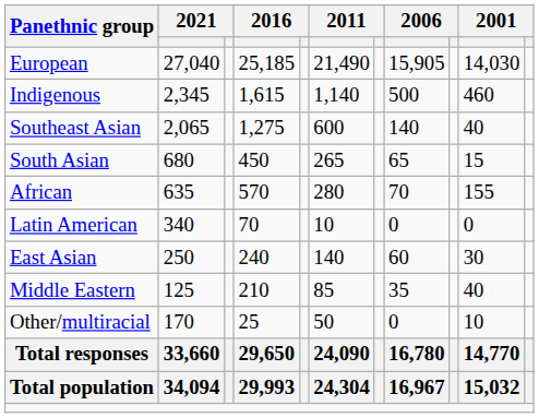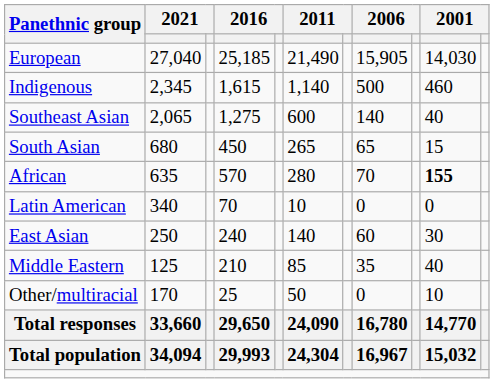 <table class="wikitable collapsible sortable">
 <tr>
 <th rowspan="2"><a href='#'>Panethnic</a> group</th>
 <th colspan="2">2021</th>
 <th colspan="2">2016</th>
 <th colspan="2">2011</th>
 <th colspan="2">2006</th>
 <th colspan="2">2001</th>
 </tr>
 <tr>
 <th><a href='#'></a></th>
 <th></th>
 <th></th>
 <th></th>
 <th></th>
 <th></th>
 <th></th>
 <th></th>
 <th></th>
 <th></th>
 </tr>
 <tr>
 <td><a href='#'>European</a></td>
 <td>27,040</td>
 <td></td>
 <td>25,185</td>
 <td></td>
 <td>21,490</td>
 <td></td>
 <td>15,905</td>
 <td></td>
 <td>14,030</td>
 <td></td>
 </tr>
 <tr>
 <td><a href='#'>Indigenous</a></td>
 <td>2,345</td>
 <td></td>
 <td>1,615</td>
 <td></td>
 <td>1,140</td>
 <td></td>
 <td>500</td>
 <td></td>
 <td>460</td>
 <td></td>
 </tr>
 <tr>
 <td><a href='#'>Southeast Asian</a></td>
 <td>2,065</td>
 <td></td>
 <td>1,275</td>
 <td></td>
 <td>600</td>
 <td></td>
 <td>140</td>
 <td></td>
 <td>40</td>
 <td></td>
 </tr>
 <tr>
 <td><a href='#'>South Asian</a></td>
 <td>680</td>
 <td></td>
 <td>450</td>
 <td></td>
 <td>265</td>
 <td></td>
 <td>65</td>
 <td></td>
 <td>15</td>
 <td></td>
 </tr>
 <tr>
 <td><a href='#'>African</a></td>
 <td>635</td>
 <td></td>
 <td>570</td>
 <td></td>
 <td>280</td>
 <td></td>
 <td>70</td>
 <td></td>
-<td>155</td>
+<td><strong>155</strong></td>
 <td></td>
 </tr>
 <tr>
 <td><a href='#'>Latin American</a></td>
 <td>340</td>
 <td></td>
 <td>70</td>
 <td></td>
 <td>10</td>
 <td></td>
 <td>0</td>
 <td></td>
 <td>0</td>
 <td></td>
 </tr>
 <tr>
 <td><a href='#'>East Asian</a></td>
 <td>250</td>
 <td></td>
 <td>240</td>
 <td></td>
 <td>140</td>
 <td></td>
 <td>60</td>
 <td></td>
 <td>30</td>
 <td></td>
 </tr>
 <tr>
 <td><a href='#'>Middle Eastern</a></td>
 <td>125</td>
 <td></td>
 <td>210</td>
 <td></td>
 <td>85</td>
 <td></td>
 <td>35</td>
 <td></td>
 <td>40</td>
 <td></td>
 </tr>
 <tr>
 <td>Other/<a href='#'>multiracial</a></td>
 <td>170</td>
 <td></td>
 <td>25</td>
 <td></td>
 <td>50</td>
 <td></td>
 <td>0</td>
 <td></td>
 <td>10</td>
 <td></td>
 </tr>
 <tr>
 <th>Total responses</th>
 <th>33,660</th>
 <th></th>
 <th>29,650</th>
 <th></th>
 <th>24,090</th>
 <th></th>
 <th>16,780</th>
 <th></th>
 <th>14,770</th>
 <th></th>
 </tr>
 <tr class="sortbottom">
 <th>Total population</th>
 <th>34,094</th>
 <th></th>
 <th>29,993</th>
 <th></th>
 <th>24,304</th>
 <th></th>
 <th>16,967</th>
 <th></th>
 <th>15,032</th>
 <th></th>
 </tr>
 <tr class="sortbottom">
 <td colspan="15"></td>
 </tr>
 </table>
